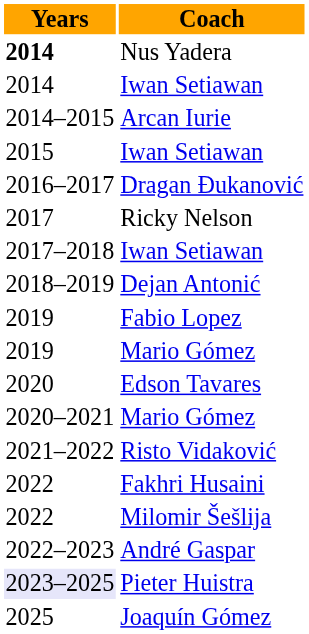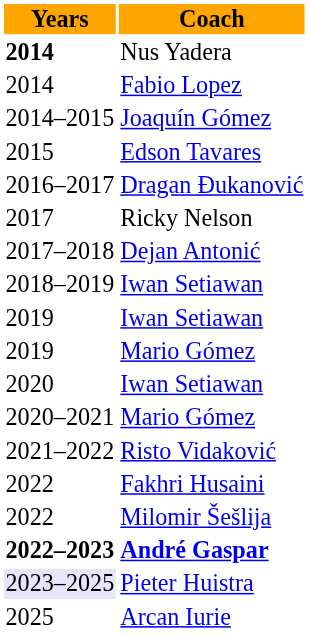 <table class="toccolours">
 <tr>
 <th bgcolor=orange>Years</th>
 <th bgcolor=orange>Coach</th>
 </tr>
 <tr>
 <td><strong>2014</strong></td>
 <td> Nus Yadera</td>
 </tr>
 <tr>
 <td>2014</td>
-<td> <a href='#'>Iwan Setiawan</a></td>
+<td> <a href='#'>Fabio Lopez</a></td>
 </tr>
 <tr>
 <td>2014–2015</td>
-<td> <a href='#'>Arcan Iurie</a></td>
+<td> <a href='#'>Joaquín Gómez</a></td>
 </tr>
 <tr>
 <td>2015</td>
-<td> <a href='#'>Iwan Setiawan</a></td>
+<td> <a href='#'>Edson Tavares</a></td>
 </tr>
 <tr>
 <td>2016–2017</td>
 <td> <a href='#'>Dragan Đukanović</a></td>
 </tr>
 <tr>
 <td>2017</td>
 <td> Ricky Nelson</td>
 </tr>
 <tr>
 <td>2017–2018</td>
+<td> <a href='#'>Dejan Antonić</a></td>
+</tr>
+<tr>
+<td>2018–2019</td>
 <td> <a href='#'>Iwan Setiawan</a></td>
 </tr>
 <tr>
-<td>2018–2019</td>
-<td> <a href='#'>Dejan Antonić</a></td>
-</tr>
-<tr>
 <td>2019</td>
-<td> <a href='#'>Fabio Lopez</a></td>
+<td> <a href='#'>Iwan Setiawan</a></td>
 </tr>
 <tr>
 <td>2019</td>
 <td> <a href='#'>Mario Gómez</a></td>
 </tr>
 <tr>
 <td>2020</td>
-<td> <a href='#'>Edson Tavares</a></td>
+<td> <a href='#'>Iwan Setiawan</a></td>
 </tr>
 <tr>
 <td>2020–2021</td>
 <td> <a href='#'>Mario Gómez</a></td>
 </tr>
 <tr>
 <td>2021–2022</td>
 <td> <a href='#'>Risto Vidaković</a></td>
 </tr>
 <tr>
 <td>2022</td>
 <td> <a href='#'>Fakhri Husaini</a></td>
 </tr>
 <tr>
 <td>2022</td>
 <td> <a href='#'>Milomir Šešlija</a></td>
 </tr>
 <tr>
-<td>2022–2023</td>
-<td> <a href='#'>André Gaspar</a></td>
+<td><strong>2022–2023</strong></td>
+<td><strong> <a href='#'>André Gaspar</a></strong></td>
 </tr>
 <tr>
 <td style="background: lavender;">2023–2025</td>
 <td> <a href='#'>Pieter Huistra</a></td>
 </tr>
 <tr>
 <td>2025</td>
-<td> <a href='#'>Joaquín Gómez</a></td>
+<td> <a href='#'>Arcan Iurie</a></td>
 </tr>
 </table>
